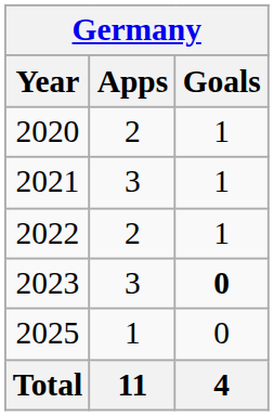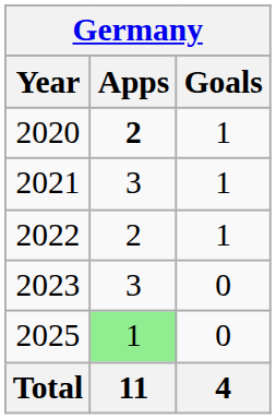 <table class="wikitable" style="text-align:center">
 <tr>
 <th colspan=3><a href='#'>Germany</a></th>
 </tr>
 <tr>
 <th>Year</th>
 <th>Apps</th>
 <th>Goals</th>
 </tr>
 <tr>
 <td>2020</td>
-<td>2</td>
+<td><strong>2</strong></td>
 <td>1</td>
 </tr>
 <tr>
 <td>2021</td>
 <td>3</td>
 <td>1</td>
 </tr>
 <tr>
 <td>2022</td>
 <td>2</td>
 <td>1</td>
 </tr>
 <tr>
 <td>2023</td>
 <td>3</td>
-<td><strong>0</strong></td>
+<td>0</td>
 </tr>
 <tr>
 <td>2025</td>
-<td>1</td>
+<td style="background: lightgreen;">1</td>
 <td>0</td>
 </tr>
 <tr>
 <th>Total</th>
 <th>11</th>
 <th>4</th>
 </tr>
 </table>
